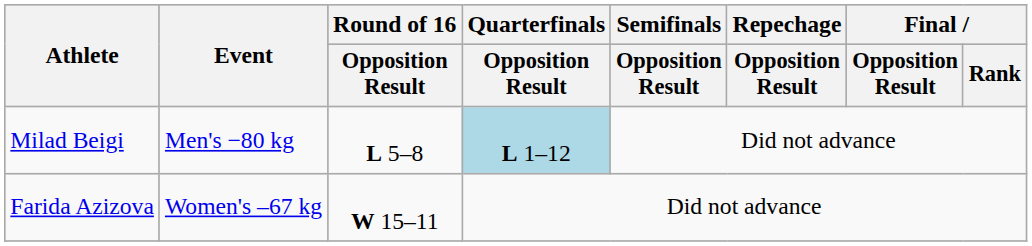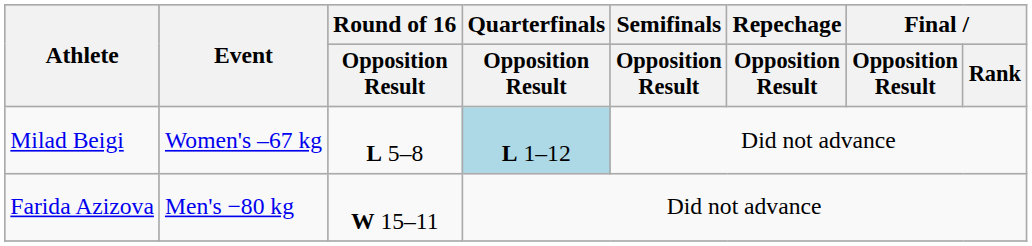 <table class="wikitable" style="font-size:90%;">
 <tr>
 <th rowspan=2>Athlete</th>
 <th rowspan=2>Event</th>
 <th>Round of 16</th>
 <th>Quarterfinals</th>
 <th>Semifinals</th>
 <th>Repechage</th>
 <th colspan=2>Final / </th>
 </tr>
 <tr style="font-size:95%">
 <th>Opposition<br>Result</th>
 <th>Opposition<br>Result</th>
 <th>Opposition<br>Result</th>
 <th>Opposition<br>Result</th>
 <th>Opposition<br>Result</th>
 <th>Rank</th>
 </tr>
 <tr align=center>
 <td align=left><a href='#'>Milad Beigi</a></td>
-<td align=left><a href='#'>Men's −80 kg</a></td>
+<td align=left><a href='#'>Women's –67 kg</a></td>
 <td><br><strong>L</strong> 5–8</td>
 <td style="background: lightblue;"><br><strong>L</strong> 1–12</td>
 <td colspan=4>Did not advance</td>
 </tr>
 <tr align=center>
 <td align=left><a href='#'>Farida Azizova</a></td>
-<td align=left><a href='#'>Women's –67 kg</a></td>
+<td align=left><a href='#'>Men's −80 kg</a></td>
 <td><br><strong>W</strong> 15–11</td>
 <td colspan=5>Did not advance</td>
 </tr>
 </table>
